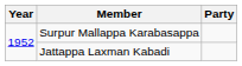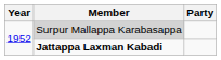 <table class="wikitable sortable">
 <tr>
 <th>Year</th>
 <th>Member</th>
 <th colspan=2>Party</th>
 </tr>
 <tr>
 <td rowspan="2"><a href='#'>1952</a></td>
-<td>Surpur Mallappa Karabasappa</td>
+<td style="background: lightgrey;">Surpur Mallappa Karabasappa</td>
 <td></td>
 </tr>
 <tr>
-<td>Jattappa Laxman Kabadi</td>
+<td><strong>Jattappa Laxman Kabadi</strong></td>
 </tr>
 </table>
